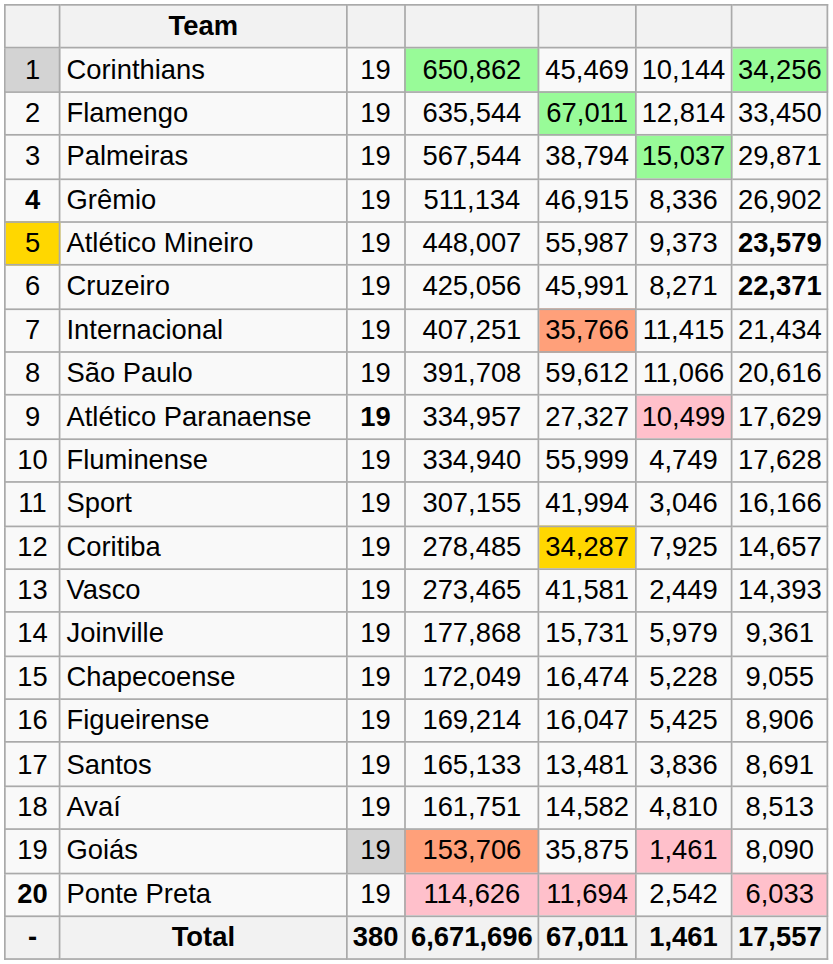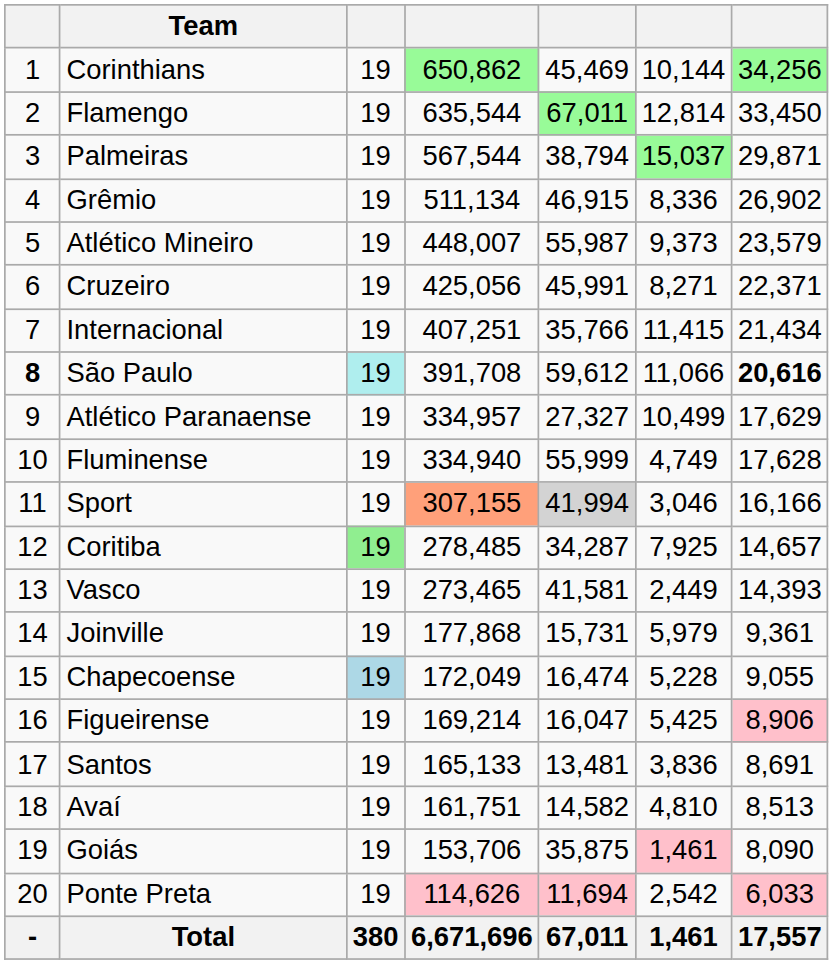 <table class="wikitable sortable">
 <tr>
 <th width=25></th>
 <th width=160>Team</th>
 <th></th>
 <th width=45></th>
 <th width=45></th>
 <th width=45></th>
 <th width=45></th>
 </tr>
 <tr>
-<td align=center style="background: lightgrey;">1</td>
+<td align=center>1</td>
 <td>Corinthians</td>
 <td align=center>19</td>
 <td align=center bgcolor="#98FB98">650,862</td>
 <td align=center>45,469</td>
 <td align=center>10,144</td>
 <td align=center bgcolor="#98FB98">34,256</td>
 </tr>
 <tr>
 <td align=center>2</td>
 <td>Flamengo</td>
 <td align=center>19</td>
 <td align=center>635,544</td>
 <td align=center bgcolor="#98FB98">67,011</td>
 <td align=center>12,814</td>
 <td align=center>33,450</td>
 </tr>
 <tr>
 <td align=center>3</td>
 <td>Palmeiras</td>
 <td align=center>19</td>
 <td align=center>567,544</td>
 <td align=center>38,794</td>
 <td align=center bgcolor="#98FB98">15,037</td>
 <td align=center>29,871</td>
 </tr>
 <tr>
-<td align=center><strong>4</strong></td>
+<td align=center>4</td>
 <td>Grêmio</td>
 <td align=center>19</td>
 <td align=center>511,134</td>
 <td align=center>46,915</td>
 <td align=center>8,336</td>
 <td align=center>26,902</td>
 </tr>
 <tr>
-<td align=center style="background: gold;">5</td>
+<td align=center>5</td>
 <td>Atlético Mineiro</td>
 <td align=center>19</td>
 <td align=center>448,007</td>
 <td align=center>55,987</td>
 <td align=center>9,373</td>
-<td align=center><strong>23,579</strong></td>
+<td align=center>23,579</td>
 </tr>
 <tr>
 <td align=center>6</td>
 <td>Cruzeiro</td>
 <td align=center>19</td>
 <td align=center>425,056</td>
 <td align=center>45,991</td>
 <td align=center>8,271</td>
-<td align=center><strong>22,371</strong></td>
+<td align=center>22,371</td>
 </tr>
 <tr>
 <td align=center>7</td>
 <td>Internacional</td>
 <td align=center>19</td>
 <td align=center>407,251</td>
-<td align=center style="background: lightsalmon;">35,766</td>
+<td align=center>35,766</td>
 <td align=center>11,415</td>
 <td align=center>21,434</td>
 </tr>
 <tr>
-<td align=center>8</td>
+<td align=center><strong>8</strong></td>
 <td>São Paulo</td>
-<td align=center>19</td>
+<td align=center style="background: paleturquoise;">19</td>
 <td align=center>391,708</td>
 <td align=center>59,612</td>
 <td align=center>11,066</td>
-<td align=center>20,616</td>
+<td align=center><strong>20,616</strong></td>
 </tr>
 <tr>
 <td align=center>9</td>
 <td>Atlético Paranaense</td>
-<td align=center><strong>19</strong></td>
+<td align=center>19</td>
 <td align=center>334,957</td>
 <td align=center>27,327</td>
-<td align=center style="background: pink;">10,499</td>
+<td align=center>10,499</td>
 <td align=center>17,629</td>
 </tr>
 <tr>
 <td align=center>10</td>
 <td>Fluminense</td>
 <td align=center>19</td>
 <td align=center>334,940</td>
 <td align=center>55,999</td>
 <td align=center>4,749</td>
 <td align=center>17,628</td>
 </tr>
 <tr>
 <td align=center>11</td>
 <td>Sport</td>
 <td align=center>19</td>
-<td align=center>307,155</td>
-<td align=center>41,994</td>
+<td align=center style="background: lightsalmon;">307,155</td>
+<td align=center style="background: lightgrey;">41,994</td>
 <td align=center>3,046</td>
 <td align=center>16,166</td>
 </tr>
 <tr>
 <td align=center>12</td>
 <td>Coritiba</td>
-<td align=center>19</td>
+<td align=center style="background: lightgreen;">19</td>
 <td align=center>278,485</td>
-<td align=center style="background: gold;">34,287</td>
+<td align=center>34,287</td>
 <td align=center>7,925</td>
 <td align=center>14,657</td>
 </tr>
 <tr>
 <td align=center>13</td>
 <td>Vasco</td>
 <td align=center>19</td>
 <td align=center>273,465</td>
 <td align=center>41,581</td>
 <td align=center>2,449</td>
 <td align=center>14,393</td>
 </tr>
 <tr>
 <td align=center>14</td>
 <td>Joinville</td>
 <td align=center>19</td>
 <td align=center>177,868</td>
 <td align=center>15,731</td>
 <td align=center>5,979</td>
 <td align=center>9,361</td>
 </tr>
 <tr>
 <td align=center>15</td>
 <td>Chapecoense</td>
-<td align=center>19</td>
+<td align=center style="background: lightblue;">19</td>
 <td align=center>172,049</td>
 <td align=center>16,474</td>
 <td align=center>5,228</td>
 <td align=center>9,055</td>
 </tr>
 <tr>
 <td align=center>16</td>
 <td>Figueirense</td>
 <td align=center>19</td>
 <td align=center>169,214</td>
 <td align=center>16,047</td>
 <td align=center>5,425</td>
-<td align=center>8,906</td>
+<td align=center style="background: pink;">8,906</td>
 </tr>
 <tr>
 <td align=center>17</td>
 <td>Santos</td>
 <td align=center>19</td>
 <td align=center>165,133</td>
 <td align=center>13,481</td>
 <td align=center>3,836</td>
 <td align=center>8,691</td>
 </tr>
 <tr>
 <td align=center>18</td>
 <td>Avaí</td>
 <td align=center>19</td>
 <td align=center>161,751</td>
 <td align=center>14,582</td>
 <td align=center>4,810</td>
 <td align=center>8,513</td>
 </tr>
 <tr>
 <td align=center>19</td>
 <td>Goiás</td>
-<td align=center style="background: lightgrey;">19</td>
-<td align=center style="background: lightsalmon;">153,706</td>
+<td align=center>19</td>
+<td align=center>153,706</td>
 <td align=center>35,875</td>
 <td align=center bgcolor="#FFC0CB">1,461</td>
 <td align=center>8,090</td>
 </tr>
 <tr>
-<td align=center><strong>20</strong></td>
+<td align=center>20</td>
 <td>Ponte Preta</td>
 <td align=center>19</td>
 <td align=center bgcolor="#FFC0CB">114,626</td>
 <td align=center bgcolor="#FFC0CB">11,694</td>
 <td align=center>2,542</td>
 <td align=center bgcolor="#FFC0CB">6,033</td>
 </tr>
 <tr>
 <th align=center>-</th>
 <th>Total</th>
 <th align=center>380</th>
 <th>6,671,696</th>
 <th align=center>67,011</th>
 <th align=center>1,461</th>
 <th align=center>17,557</th>
 </tr>
 </table>
